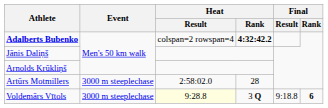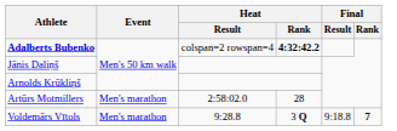 <table class="wikitable" style="font-size:90%">
 <tr>
 <th rowspan="2">Athlete</th>
 <th rowspan="2">Event</th>
 <th colspan="2">Heat</th>
 <th colspan="2">Final</th>
 </tr>
 <tr style="font-size:95%">
 <th>Result</th>
 <th>Rank</th>
 <th>Result</th>
 <th>Rank</th>
 </tr>
 <tr align=center>
 <td align=left><strong><a href='#'>Adalberts Bubenko</a></strong></td>
 <td align=left rowspan=3><a href='#'>Men's 50 km walk</a></td>
 <td>colspan=2 rowspan=4 </td>
 <td><strong>4:32:42.2</strong></td>
 <td></td>
 </tr>
 <tr align=center>
 <td align=left><a href='#'>Jānis Daliņš</a></td>
 <td colspan=2></td>
 </tr>
 <tr align=center>
 <td align=left><a href='#'>Arnolds Krūkliņš</a></td>
 <td colspan=2></td>
 </tr>
 <tr align=center>
 <td align=left><a href='#'>Artūrs Motmillers</a></td>
-<td align=left><a href='#'>3000 m steeplechase</a></td>
+<td align=left><a href='#'>Men's marathon</a></td>
 <td>2:58:02.0</td>
 <td>28</td>
 </tr>
 <tr align=center>
 <td align=left><a href='#'>Voldemārs Vītols</a></td>
-<td align=left><a href='#'>3000 m steeplechase</a></td>
-<td style="background: lightyellow;">9:28.8</td>
+<td align=left><a href='#'>Men's marathon</a></td>
+<td>9:28.8</td>
 <td>3 <strong>Q</strong></td>
 <td>9:18.8</td>
-<td><strong>6</strong></td>
+<td><strong>7</strong></td>
 </tr>
 </table>
